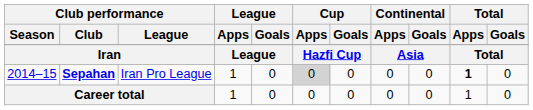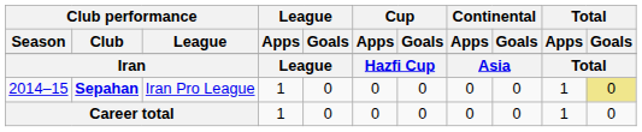 <table class="wikitable" style="text-align:center">
 <tr>
 <th colspan=3>Club performance</th>
 <th colspan=2>League</th>
 <th colspan=2>Cup</th>
 <th colspan=2>Continental</th>
 <th colspan=2>Total</th>
 </tr>
 <tr>
 <th>Season</th>
 <th>Club</th>
 <th>League</th>
 <th>Apps</th>
 <th>Goals</th>
 <th>Apps</th>
 <th>Goals</th>
 <th>Apps</th>
 <th>Goals</th>
 <th>Apps</th>
 <th>Goals</th>
 </tr>
 <tr>
 </tr>
 <tr>
 <th colspan=3>Iran</th>
 <th colspan=2>League</th>
 <th colspan=2><a href='#'>Hazfi Cup</a></th>
 <th colspan=2><a href='#'>Asia</a></th>
 <th colspan=2>Total</th>
 </tr>
 <tr>
 <td><a href='#'>2014–15</a></td>
 <td rowspan="1"><strong><a href='#'>Sepahan</a></strong></td>
 <td rowspan="1"><a href='#'>Iran Pro League</a></td>
 <td>1</td>
 <td>0</td>
-<td style="background: lightgrey;">0</td>
 <td>0</td>
 <td>0</td>
 <td>0</td>
-<td><strong>1</strong></td>
 <td>0</td>
+<td>1</td>
+<td style="background: khaki;">0</td>
 </tr>
 <tr>
 <th colspan=3>Career total</th>
 <td>1</td>
 <td>0</td>
 <td>0</td>
 <td>0</td>
 <td>0</td>
 <td>0</td>
 <td>1</td>
 <td>0</td>
 </tr>
 </table>
